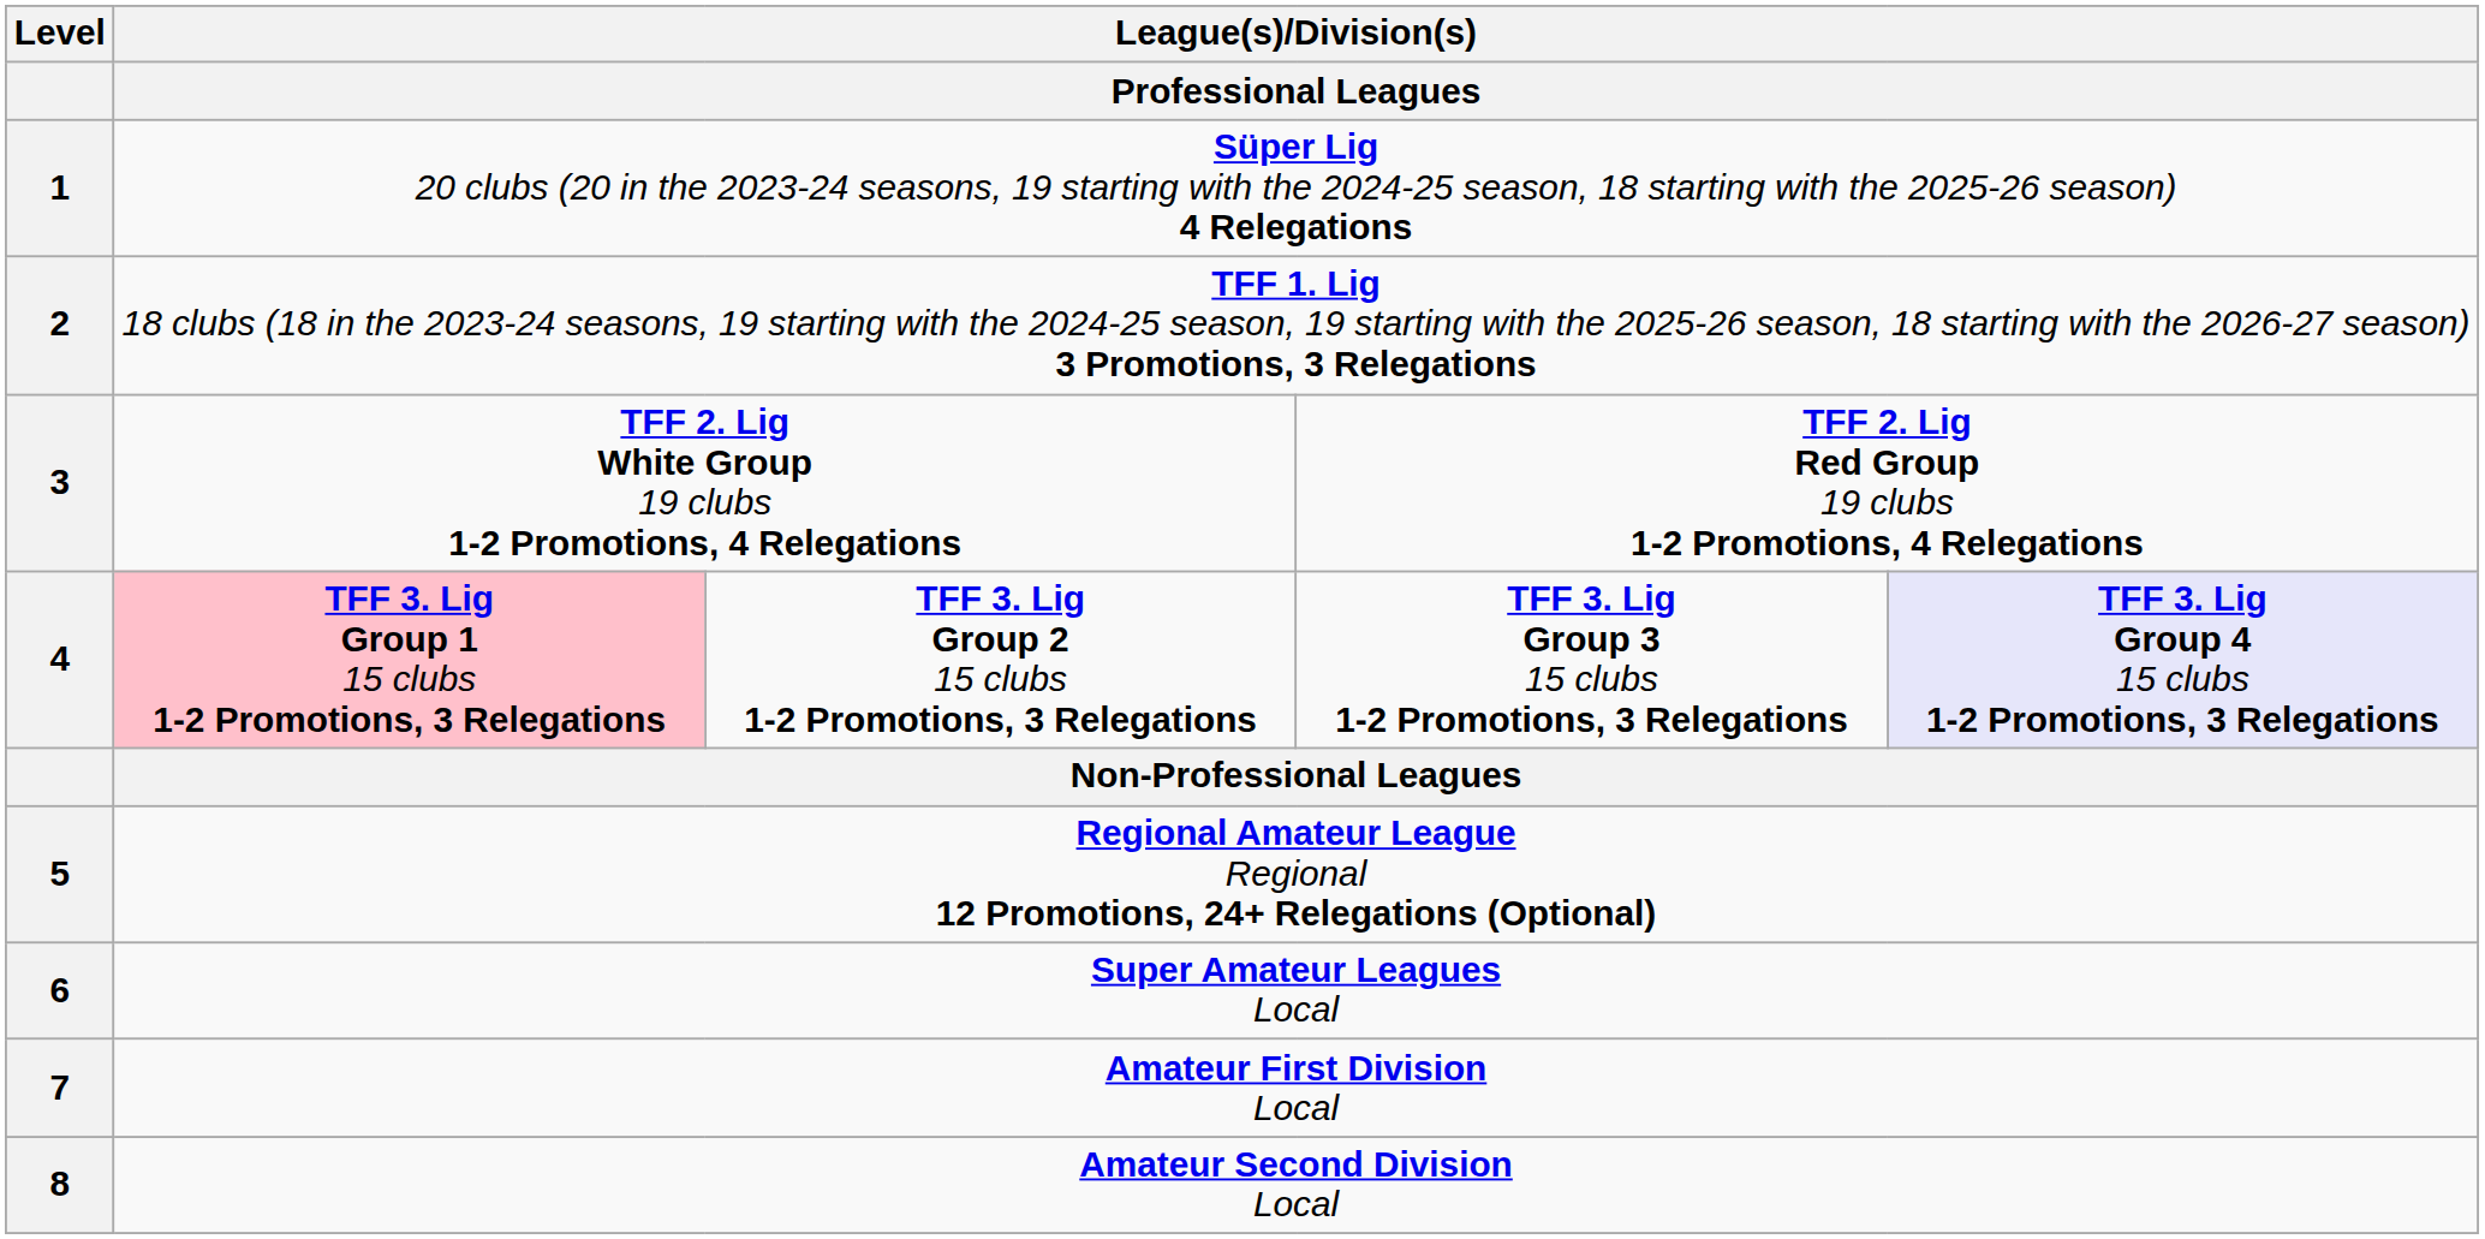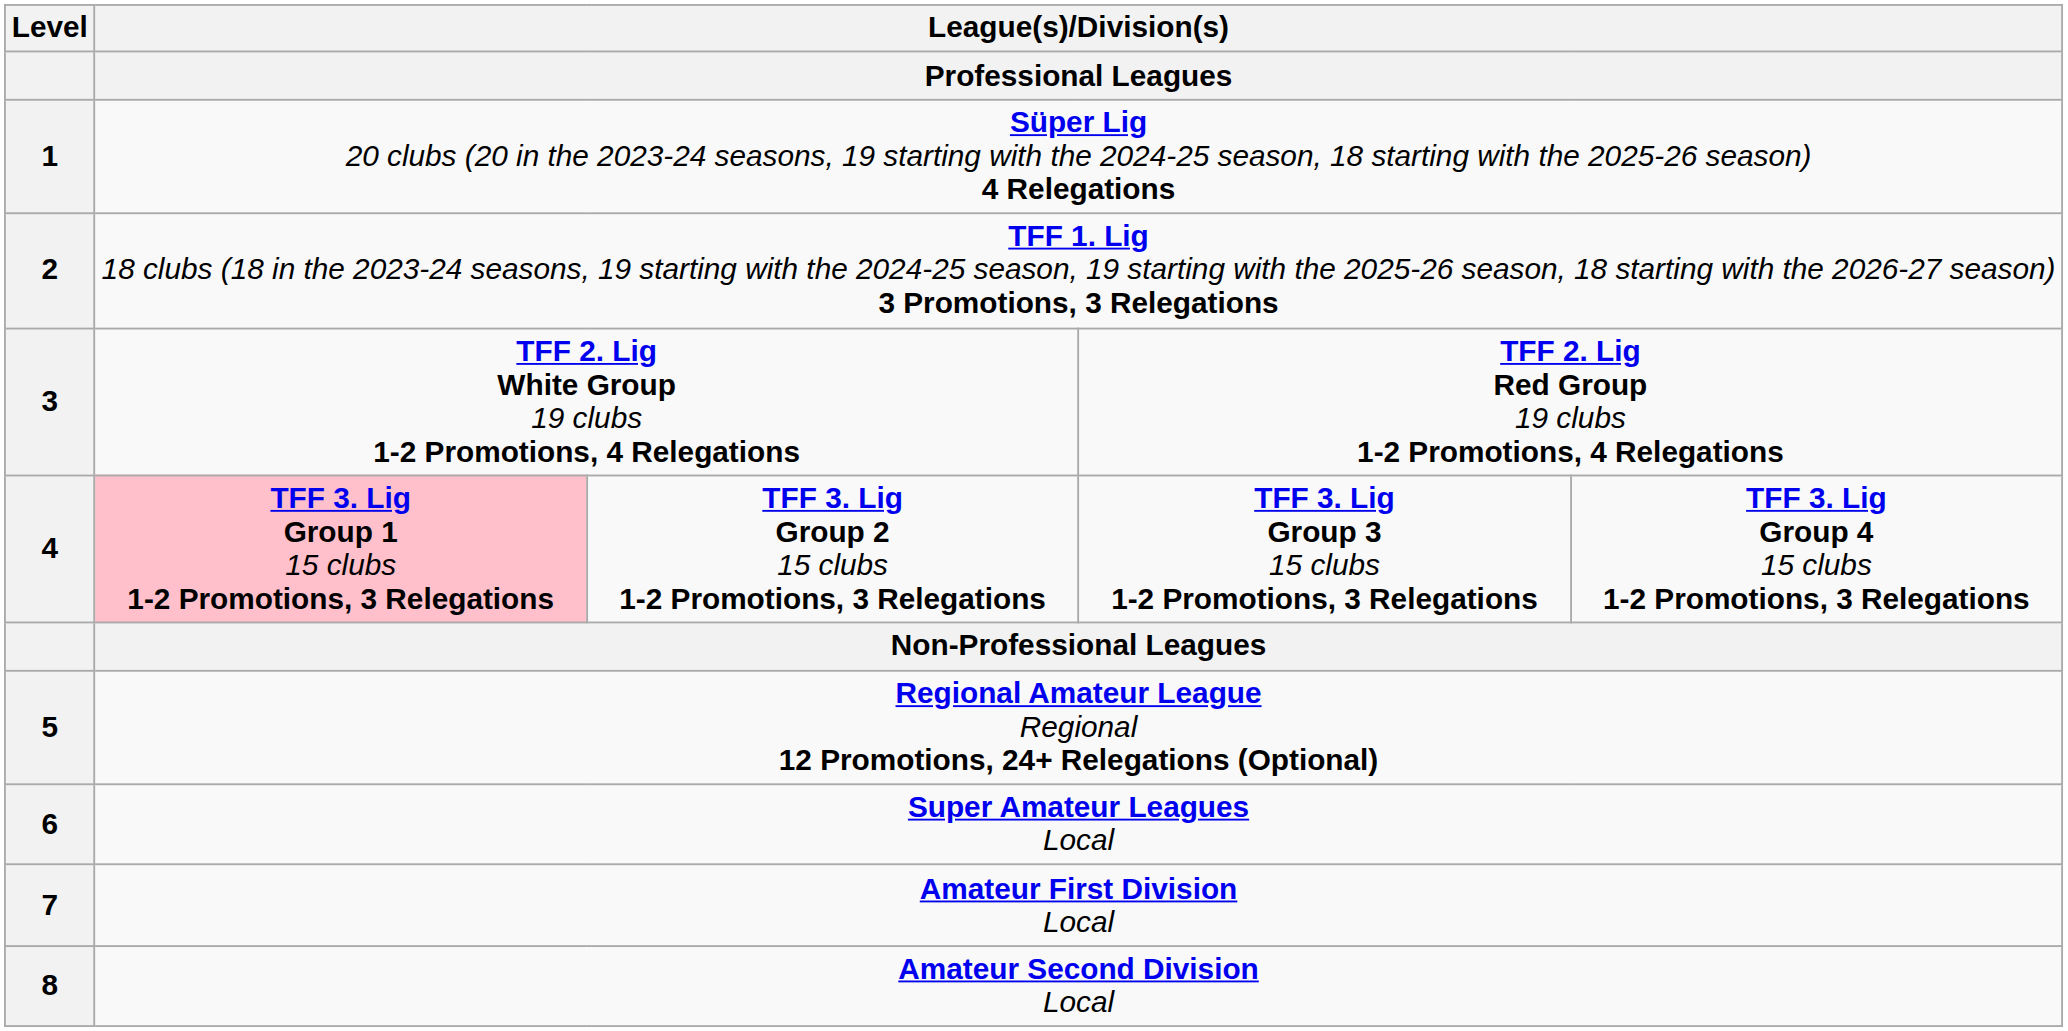 <table class="wikitable" style="text-align: center;">
 <tr>
 <th colspan="1">Level</th>
 <th colspan="4">League(s)/Division(s)</th>
 </tr>
 <tr>
 <th colspan="1"></th>
 <th colspan="4"><strong>Professional Leagues</strong></th>
 </tr>
 <tr>
 <th colspan="1">1</th>
 <td colspan="5" align="center"><strong><a href='#'>Süper Lig</a></strong> <br><em>20 clubs (20 in the 2023-24 seasons, 19 starting with the 2024-25 season, 18 starting with the 2025-26 season)</em><br><strong>4 Relegations</strong></td>
 </tr>
 <tr>
 <th colspan="1">2</th>
 <td colspan="4" align="center"><strong><a href='#'>TFF 1. Lig</a></strong><br><em>18 clubs (18 in the 2023-24 seasons, 19 starting with the 2024-25 season, 19 starting with the 2025-26 season, 18 starting with the 2026-27 season)</em><br><strong>3 Promotions, 3 Relegations</strong></td>
 </tr>
 <tr>
 <th colspan="1">3</th>
 <td colspan="2" align="center"><strong><a href='#'>TFF 2. Lig</a></strong><br><strong>White Group</strong><br><em>19 clubs</em><br><strong>1-2 Promotions, 4 Relegations</strong></td>
 <td colspan="2"><strong><a href='#'>TFF 2. Lig</a></strong><br><strong>Red Group</strong><br><em>19 clubs</em><br><strong>1-2 Promotions, 4 Relegations</strong></td>
 </tr>
 <tr>
 <th colspan="1">4</th>
 <td colspan="1" align="center" style="background: pink;"><strong><a href='#'>TFF 3. Lig</a></strong><br><strong>Group 1</strong><br><em>15 clubs</em><br><strong>1-2 Promotions, 3 Relegations</strong></td>
 <td colspan="1" align="center"><strong><a href='#'>TFF 3. Lig</a></strong><br><strong>Group 2</strong><br><em>15 clubs</em><br><strong>1-2 Promotions, 3 Relegations</strong></td>
 <td colspan="1" align="center"><strong><a href='#'>TFF 3. Lig</a></strong><br><strong>Group 3</strong><br><em>15 clubs</em><br><strong>1-2 Promotions, 3 Relegations</strong></td>
-<td colspan="1" align="center" style="background: lavender;"><strong><a href='#'>TFF 3. Lig</a></strong><br><strong>Group 4</strong><br><em>15 clubs</em><br><strong>1-2 Promotions, 3 Relegations</strong></td>
+<td colspan="1" align="center"><strong><a href='#'>TFF 3. Lig</a></strong><br><strong>Group 4</strong><br><em>15 clubs</em><br><strong>1-2 Promotions, 3 Relegations</strong></td>
 </tr>
 <tr>
 <th colspan="1"></th>
 <th colspan="4"><strong>Non-Professional Leagues</strong></th>
 </tr>
 <tr>
 <th colspan="1">5</th>
 <td colspan="4" align="center"><strong><a href='#'>Regional Amateur League</a></strong><br><em>Regional</em><br><strong>12 Promotions, 24+ Relegations (Optional)</strong></td>
 </tr>
 <tr>
 <th colspan="1">6</th>
 <td colspan="4" align="center"><strong><a href='#'>Super Amateur Leagues</a></strong><br><em>Local</em></td>
 </tr>
 <tr>
 <th colspan="1">7</th>
 <td colspan="4" align="center"><strong><a href='#'>Amateur First Division</a></strong><br><em>Local</em></td>
 </tr>
 <tr ---->
 <th colspan="1">8</th>
 <td colspan="4" align="center"><strong><a href='#'>Amateur Second Division</a></strong><br><em>Local</em></td>
 </tr>
 </table>
